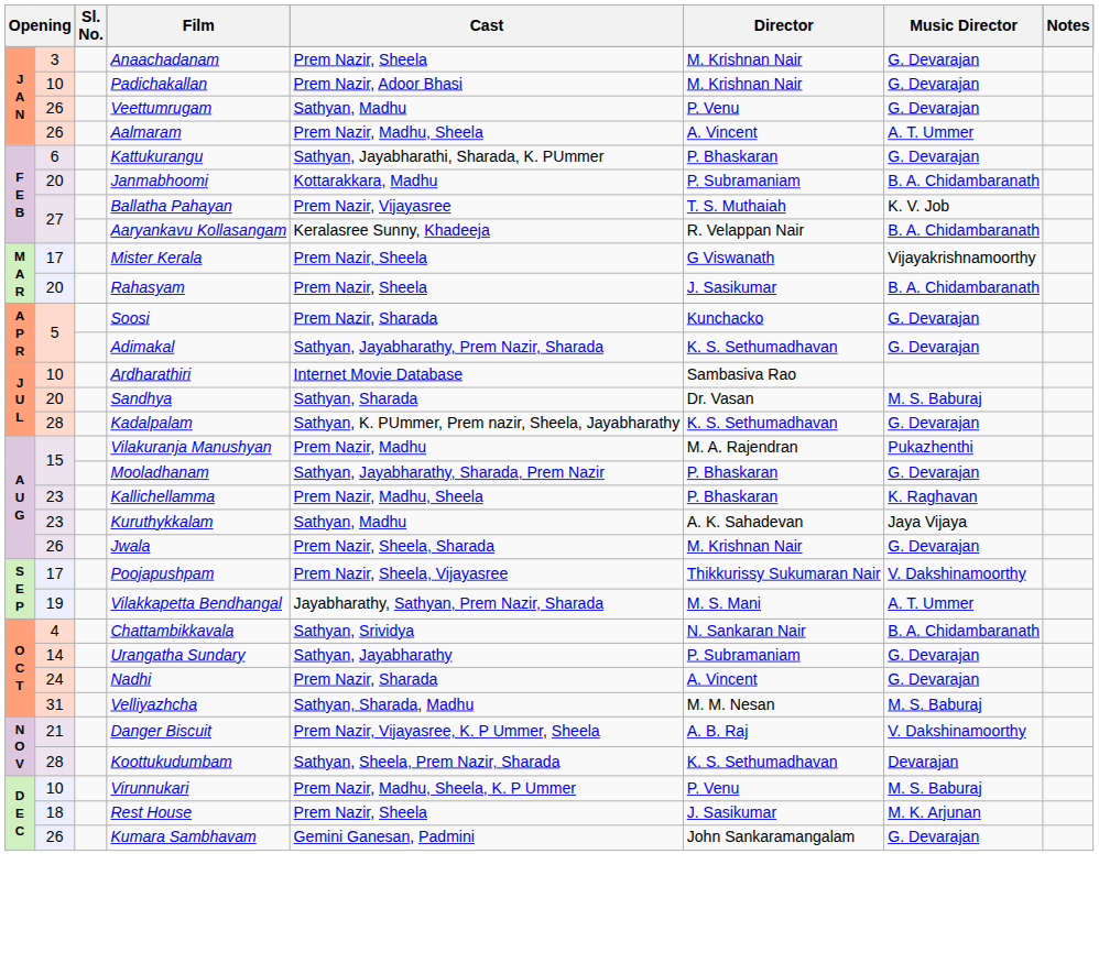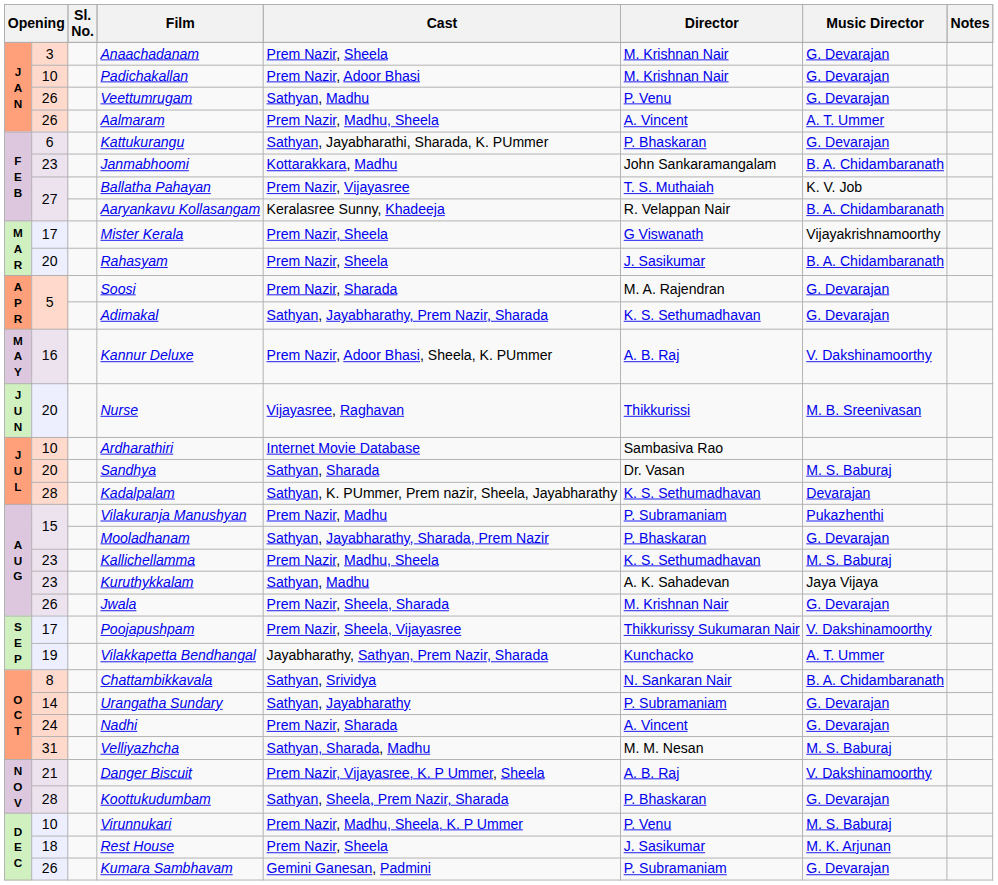 <table class="wikitable">
 <tr style="background:#000;">
 <th colspan='2'>Opening</th>
 <th>Sl.<br>No.</th>
 <th>Film</th>
 <th>Cast</th>
 <th>Director</th>
 <th>Music Director</th>
 <th>Notes</th>
 </tr>
 <tr>
 <td rowspan="4" style="text-align:center; background:#ffa07a; textcolor:#000;"><small><strong>J<br>A<br>N</strong></small></td>
 <td rowspan="1"  style="text-align:center; background:#ffdacc; textcolor:#000;">3</td>
 <td valign="center"></td>
 <td><em><a href='#'>Anaachadanam</a></em></td>
 <td><a href='#'>Prem Nazir</a>, <a href='#'>Sheela</a></td>
 <td><a href='#'>M. Krishnan Nair</a></td>
 <td><a href='#'>G. Devarajan</a></td>
 <td></td>
 </tr>
 <tr>
 <td rowspan="1"  style="text-align:center; background:#ffdacc; textcolor:#000;">10</td>
 <td valign="center"></td>
 <td><em><a href='#'>Padichakallan</a></em></td>
 <td><a href='#'>Prem Nazir</a>, <a href='#'>Adoor Bhasi</a></td>
 <td><a href='#'>M. Krishnan Nair</a></td>
 <td><a href='#'>G. Devarajan</a></td>
 <td></td>
 </tr>
 <tr>
 <td rowspan="1"  style="text-align:center; background:#ffdacc; textcolor:#000;">26</td>
 <td valign="center"></td>
 <td><em><a href='#'>Veettumrugam</a></em></td>
 <td><a href='#'>Sathyan</a>, <a href='#'>Madhu</a></td>
 <td><a href='#'>P. Venu</a></td>
 <td><a href='#'>G. Devarajan</a></td>
 <td></td>
 </tr>
 <tr>
 <td rowspan="1"  style="text-align:center; background:#ffdacc; textcolor:#000;">26</td>
 <td valign="center"></td>
 <td><em><a href='#'>Aalmaram</a></em></td>
 <td><a href='#'>Prem Nazir</a>, <a href='#'>Madhu, Sheela</a></td>
 <td><a href='#'>A. Vincent</a></td>
 <td><a href='#'>A. T. Ummer</a></td>
 <td></td>
 </tr>
 <tr>
 <td rowspan="4" style="text-align:center; background:#dcc7df; textcolor:#000;"><small><strong>F<br>E<br>B</strong></small></td>
 <td rowspan="1"  style="text-align:center; background:#ede3ef; textcolor:#000;">6</td>
 <td valign="center"></td>
 <td><em><a href='#'>Kattukurangu</a></em></td>
 <td><a href='#'>Sathyan</a>, Jayabharathi, Sharada, K. PUmmer</td>
 <td><a href='#'>P. Bhaskaran</a></td>
 <td><a href='#'>G. Devarajan</a></td>
 <td></td>
 </tr>
 <tr>
-<td rowspan="1"  style="text-align:center; background:#ede3ef; textcolor:#000;">20</td>
+<td rowspan="1"  style="text-align:center; background:#ede3ef; textcolor:#000;">23</td>
 <td valign="center"></td>
 <td><em><a href='#'>Janmabhoomi</a></em></td>
 <td><a href='#'>Kottarakkara</a>, <a href='#'>Madhu</a></td>
-<td><a href='#'>P. Subramaniam</a></td>
+<td>John Sankaramangalam</td>
 <td><a href='#'>B. A. Chidambaranath</a></td>
 <td></td>
 </tr>
 <tr>
 <td rowspan="2"  style="text-align:center; background:#ede3ef; textcolor:#000;">27</td>
 <td valign="center"></td>
 <td><em><a href='#'>Ballatha Pahayan</a></em></td>
 <td><a href='#'>Prem Nazir</a>, <a href='#'>Vijayasree</a></td>
 <td><a href='#'>T. S. Muthaiah</a></td>
 <td>K. V. Job</td>
 <td></td>
 </tr>
 <tr>
 <td valign="center"></td>
 <td><em><a href='#'>Aaryankavu Kollasangam</a></em></td>
 <td>Keralasree Sunny, <a href='#'>Khadeeja</a></td>
 <td>R. Velappan Nair</td>
 <td><a href='#'>B. A. Chidambaranath</a></td>
 <td></td>
 </tr>
 <tr>
 <td rowspan="2" style="text-align:center; background:#d0f0c0; textcolor:#000;"><small><strong>M<br>A<br>R</strong></small></td>
 <td rowspan="1"  style="text-align:center; background:#edefff; textcolor:#000;">17</td>
 <td valign="center"></td>
 <td><em><a href='#'>Mister Kerala</a></em></td>
 <td><a href='#'>Prem Nazir, Sheela</a></td>
 <td><a href='#'>G Viswanath</a></td>
 <td>Vijayakrishnamoorthy</td>
 <td></td>
 </tr>
 <tr>
 <td rowspan="1"  style="text-align:center; background:#edefff; textcolor:#000;">20</td>
 <td valign="center"></td>
 <td><em><a href='#'>Rahasyam</a></em></td>
 <td><a href='#'>Prem Nazir</a>, <a href='#'>Sheela</a></td>
 <td><a href='#'>J. Sasikumar</a></td>
 <td><a href='#'>B. A. Chidambaranath</a></td>
 <td></td>
 </tr>
 <tr>
 <td rowspan="2" style="text-align:center; background:#ffa07a; textcolor:#000;"><small><strong>A<br>P<br>R</strong></small></td>
 <td rowspan="2"  style="text-align:center; background:#ffdacc; textcolor:#000;">5</td>
 <td valign="center"></td>
 <td><em><a href='#'>Soosi</a></em></td>
 <td><a href='#'>Prem Nazir</a>, <a href='#'>Sharada</a></td>
-<td><a href='#'>Kunchacko</a></td>
+<td>M. A. Rajendran</td>
 <td><a href='#'>G. Devarajan</a></td>
 <td></td>
 </tr>
 <tr>
 <td valign="center"></td>
 <td><em><a href='#'>Adimakal</a></em></td>
 <td><a href='#'>Sathyan</a>, <a href='#'>Jayabharathy, Prem Nazir, Sharada</a></td>
 <td><a href='#'>K. S. Sethumadhavan</a></td>
 <td><a href='#'>G. Devarajan</a></td>
+<td></td>
+</tr>
+<tr>
+<td rowspan="1" style="text-align:center; background:#dcc7df; textcolor:#000;"><small><strong>M<br>A<br>Y</strong></small></td>
+<td rowspan="1"  style="text-align:center; background:#ede3ef; textcolor:#000;">16</td>
+<td valign="center"></td>
+<td><em><a href='#'>Kannur Deluxe</a></em></td>
+<td><a href='#'>Prem Nazir</a>, <a href='#'>Adoor Bhasi</a>, Sheela, K. PUmmer</td>
+<td><a href='#'>A. B. Raj</a></td>
+<td><a href='#'>V. Dakshinamoorthy</a></td>
+<td></td>
+</tr>
+<tr>
+<td rowspan="1" style="text-align:center; background:#d0f0c0; textcolor:#000;"><small><strong>J<br>U<br>N</strong></small></td>
+<td rowspan="1"  style="text-align:center; background:#edefff; textcolor:#000;">20</td>
+<td valign="center"></td>
+<td><em><a href='#'>Nurse</a></em></td>
+<td><a href='#'>Vijayasree</a>, <a href='#'>Raghavan</a></td>
+<td><a href='#'>Thikkurissi</a></td>
+<td><a href='#'>M. B. Sreenivasan</a></td>
 <td></td>
 </tr>
 <tr>
 <td rowspan="3" style="text-align:center; background:#ffa07a; textcolor:#000;"><small><strong>J<br>U<br>L</strong></small></td>
 <td rowspan="1"  style="text-align:center; background:#ffdacc; textcolor:#000;">10</td>
 <td valign="center"></td>
 <td><em><a href='#'>Ardharathiri</a></em></td>
 <td><a href='#'>Internet Movie Database</a></td>
 <td>Sambasiva Rao</td>
 <td></td>
 <td></td>
 </tr>
 <tr>
 <td rowspan="1"  style="text-align:center; background:#ffdacc; textcolor:#000;">20</td>
 <td valign="center"></td>
 <td><em><a href='#'>Sandhya</a></em></td>
 <td><a href='#'>Sathyan</a>, <a href='#'>Sharada</a></td>
 <td>Dr. Vasan</td>
 <td><a href='#'>M. S. Baburaj</a></td>
 <td></td>
 </tr>
 <tr>
 <td rowspan="1"  style="text-align:center; background:#ffdacc; textcolor:#000;">28</td>
 <td valign="center"></td>
 <td><em><a href='#'>Kadalpalam</a></em></td>
 <td><a href='#'>Sathyan</a>, K. PUmmer, Prem nazir, Sheela, Jayabharathy</td>
 <td><a href='#'>K. S. Sethumadhavan</a></td>
-<td><a href='#'>G. Devarajan</a></td>
+<td><a href='#'>Devarajan</a></td>
 <td></td>
 </tr>
 <tr>
 <td rowspan="5" style="text-align:center; background:#dcc7df; textcolor:#000;"><small><strong>A<br>U<br>G</strong></small></td>
 <td rowspan="2"  style="text-align:center; background:#ede3ef; textcolor:#000;">15</td>
 <td valign="center"></td>
 <td><em><a href='#'>Vilakuranja Manushyan</a></em></td>
 <td><a href='#'>Prem Nazir</a>, <a href='#'>Madhu</a></td>
-<td>M. A. Rajendran</td>
+<td><a href='#'>P. Subramaniam</a></td>
 <td><a href='#'>Pukazhenthi</a></td>
 <td></td>
 </tr>
 <tr>
 <td valign="center"></td>
 <td><em><a href='#'>Mooladhanam</a></em></td>
 <td><a href='#'>Sathyan</a>, <a href='#'>Jayabharathy, Sharada, Prem Nazir</a></td>
 <td><a href='#'>P. Bhaskaran</a></td>
 <td><a href='#'>G. Devarajan</a></td>
 <td></td>
 </tr>
 <tr>
 <td rowspan="1"  style="text-align:center; background:#ede3ef; textcolor:#000;">23</td>
 <td valign="center"></td>
 <td><em><a href='#'>Kallichellamma</a></em></td>
 <td><a href='#'>Prem Nazir</a>, <a href='#'>Madhu, Sheela</a></td>
-<td><a href='#'>P. Bhaskaran</a></td>
-<td><a href='#'>K. Raghavan</a></td>
+<td><a href='#'>K. S. Sethumadhavan</a></td>
+<td><a href='#'>M. S. Baburaj</a></td>
 <td></td>
 </tr>
 <tr>
 <td rowspan="1"  style="text-align:center; background:#ede3ef; textcolor:#000;">23</td>
 <td valign="center"></td>
 <td><em><a href='#'>Kuruthykkalam</a></em></td>
 <td><a href='#'>Sathyan</a>, <a href='#'>Madhu</a></td>
 <td>A. K. Sahadevan</td>
 <td>Jaya Vijaya</td>
 <td></td>
 </tr>
 <tr>
 <td rowspan="1"  style="text-align:center; background:#ede3ef; textcolor:#000;">26</td>
 <td valign="center"></td>
 <td><em><a href='#'>Jwala</a></em></td>
 <td><a href='#'>Prem Nazir</a>, <a href='#'>Sheela, Sharada</a></td>
 <td><a href='#'>M. Krishnan Nair</a></td>
 <td><a href='#'>G. Devarajan</a></td>
 <td></td>
 </tr>
 <tr>
 <td rowspan="2" style="text-align:center; background:#d0f0c0; textcolor:#000;"><small><strong>S<br>E<br>P</strong></small></td>
 <td rowspan="1"  style="text-align:center; background:#edefff; textcolor:#000;">17</td>
 <td valign="center"></td>
 <td><em><a href='#'>Poojapushpam</a></em></td>
 <td><a href='#'>Prem Nazir</a>, <a href='#'>Sheela, Vijayasree</a></td>
 <td><a href='#'>Thikkurissy Sukumaran Nair</a></td>
 <td><a href='#'>V. Dakshinamoorthy</a></td>
 <td></td>
 </tr>
 <tr>
 <td rowspan="1"  style="text-align:center; background:#edefff; textcolor:#000;">19</td>
 <td valign="center"></td>
 <td><em><a href='#'>Vilakkapetta Bendhangal</a></em></td>
 <td>Jayabharathy, <a href='#'>Sathyan, Prem Nazir, Sharada</a></td>
-<td><a href='#'>M. S. Mani</a></td>
+<td><a href='#'>Kunchacko</a></td>
 <td><a href='#'>A. T. Ummer</a></td>
 <td></td>
 </tr>
 <tr>
 <td rowspan="4" style="text-align:center; background:#ffa07a; textcolor:#000;"><small><strong>O<br>C<br>T</strong></small></td>
-<td rowspan="1"  style="text-align:center; background:#ffdacc; textcolor:#000;">4</td>
+<td rowspan="1"  style="text-align:center; background:#ffdacc; textcolor:#000;">8</td>
 <td valign="center"></td>
 <td><em><a href='#'>Chattambikkavala</a></em></td>
 <td><a href='#'>Sathyan</a>, <a href='#'>Srividya</a></td>
 <td><a href='#'>N. Sankaran Nair</a></td>
 <td><a href='#'>B. A. Chidambaranath</a></td>
 <td></td>
 </tr>
 <tr>
 <td rowspan="1"  style="text-align:center; background:#ffdacc; textcolor:#000;">14</td>
 <td valign="center"></td>
 <td><em><a href='#'>Urangatha Sundary</a></em></td>
 <td><a href='#'>Sathyan</a>, <a href='#'>Jayabharathy</a></td>
 <td><a href='#'>P. Subramaniam</a></td>
 <td><a href='#'>G. Devarajan</a></td>
 <td></td>
 </tr>
 <tr>
 <td rowspan="1"  style="text-align:center; background:#ffdacc; textcolor:#000;">24</td>
 <td valign="center"></td>
 <td><em><a href='#'>Nadhi</a></em></td>
 <td><a href='#'>Prem Nazir</a>, <a href='#'>Sharada</a></td>
 <td><a href='#'>A. Vincent</a></td>
 <td><a href='#'>G. Devarajan</a></td>
 <td></td>
 </tr>
 <tr>
 <td rowspan="1"  style="text-align:center; background:#ffdacc; textcolor:#000;">31</td>
 <td valign="center"></td>
 <td><em><a href='#'>Velliyazhcha</a></em></td>
 <td><a href='#'>Sathyan, Sharada</a>, <a href='#'>Madhu</a></td>
 <td>M. M. Nesan</td>
 <td><a href='#'>M. S. Baburaj</a></td>
 <td></td>
 </tr>
 <tr>
 <td rowspan="2" style="text-align:center; background:#dcc7df; textcolor:#000;"><small><strong>N<br>O<br>V</strong></small></td>
 <td rowspan="1"  style="text-align:center; background:#ede3ef; textcolor:#000;">21</td>
 <td valign="center"></td>
 <td><em><a href='#'>Danger Biscuit</a></em></td>
 <td><a href='#'>Prem Nazir, Vijayasree, K. P Ummer</a>, <a href='#'>Sheela</a></td>
 <td><a href='#'>A. B. Raj</a></td>
 <td><a href='#'>V. Dakshinamoorthy</a></td>
 <td></td>
 </tr>
 <tr>
 <td rowspan="1"  style="text-align:center; background:#ede3ef; textcolor:#000;">28</td>
 <td valign="center"></td>
 <td><em><a href='#'>Koottukudumbam</a></em></td>
 <td><a href='#'>Sathyan</a>, <a href='#'>Sheela, Prem Nazir, Sharada</a></td>
-<td><a href='#'>K. S. Sethumadhavan</a></td>
-<td><a href='#'>Devarajan</a></td>
+<td><a href='#'>P. Bhaskaran</a></td>
+<td><a href='#'>G. Devarajan</a></td>
 <td></td>
 </tr>
 <tr>
 <td rowspan="3" style="text-align:center; background:#d0f0c0; textcolor:#000;"><small><strong>D<br>E<br>C</strong></small></td>
 <td rowspan="1"  style="text-align:center; background:#edefff; textcolor:#000;">10</td>
 <td valign="center"></td>
 <td><em><a href='#'>Virunnukari</a></em></td>
 <td><a href='#'>Prem Nazir</a>, <a href='#'>Madhu, Sheela, K. P Ummer</a></td>
 <td><a href='#'>P. Venu</a></td>
 <td><a href='#'>M. S. Baburaj</a></td>
 <td></td>
 </tr>
 <tr>
 <td rowspan="1"  style="text-align:center; background:#edefff; textcolor:#000;">18</td>
 <td valign="center"></td>
 <td><em><a href='#'>Rest House</a></em></td>
 <td><a href='#'>Prem Nazir</a>, <a href='#'>Sheela</a></td>
 <td><a href='#'>J. Sasikumar</a></td>
 <td><a href='#'>M. K. Arjunan</a></td>
 <td></td>
 </tr>
 <tr>
 <td rowspan="1"  style="text-align:center; background:#edefff; textcolor:#000;">26</td>
 <td valign="center"></td>
 <td><em><a href='#'>Kumara Sambhavam</a></em></td>
 <td><a href='#'>Gemini Ganesan</a>, <a href='#'>Padmini</a></td>
-<td>John Sankaramangalam</td>
+<td><a href='#'>P. Subramaniam</a></td>
 <td><a href='#'>G. Devarajan</a></td>
 <td></td>
 </tr>
 </table>
